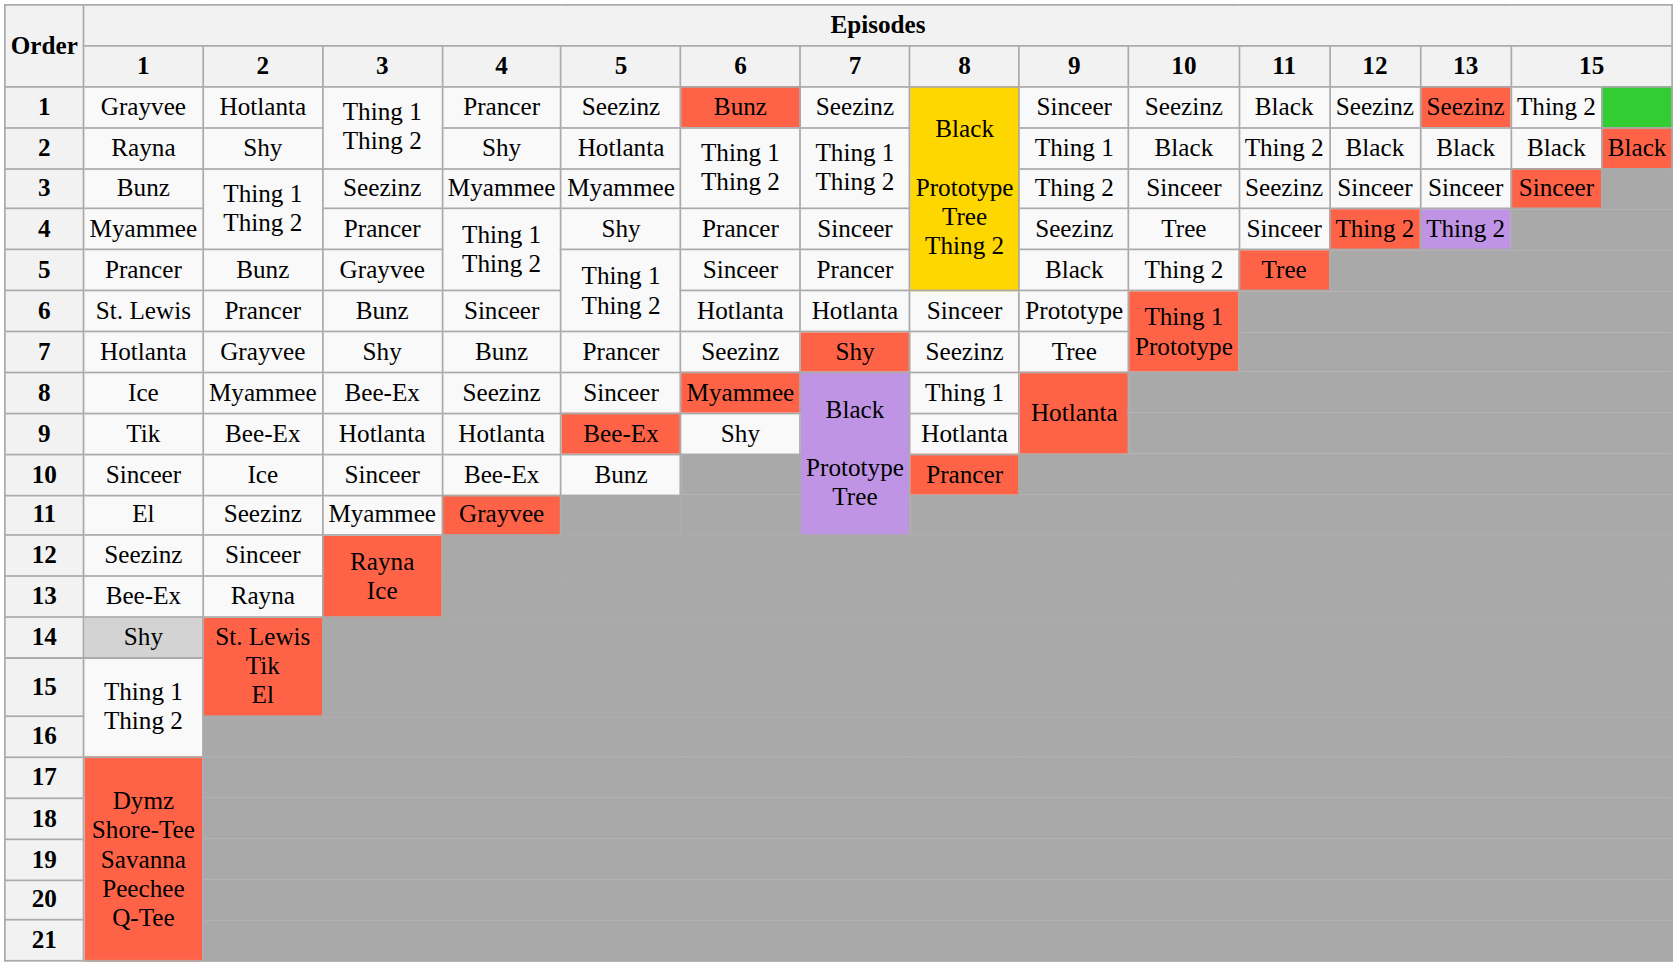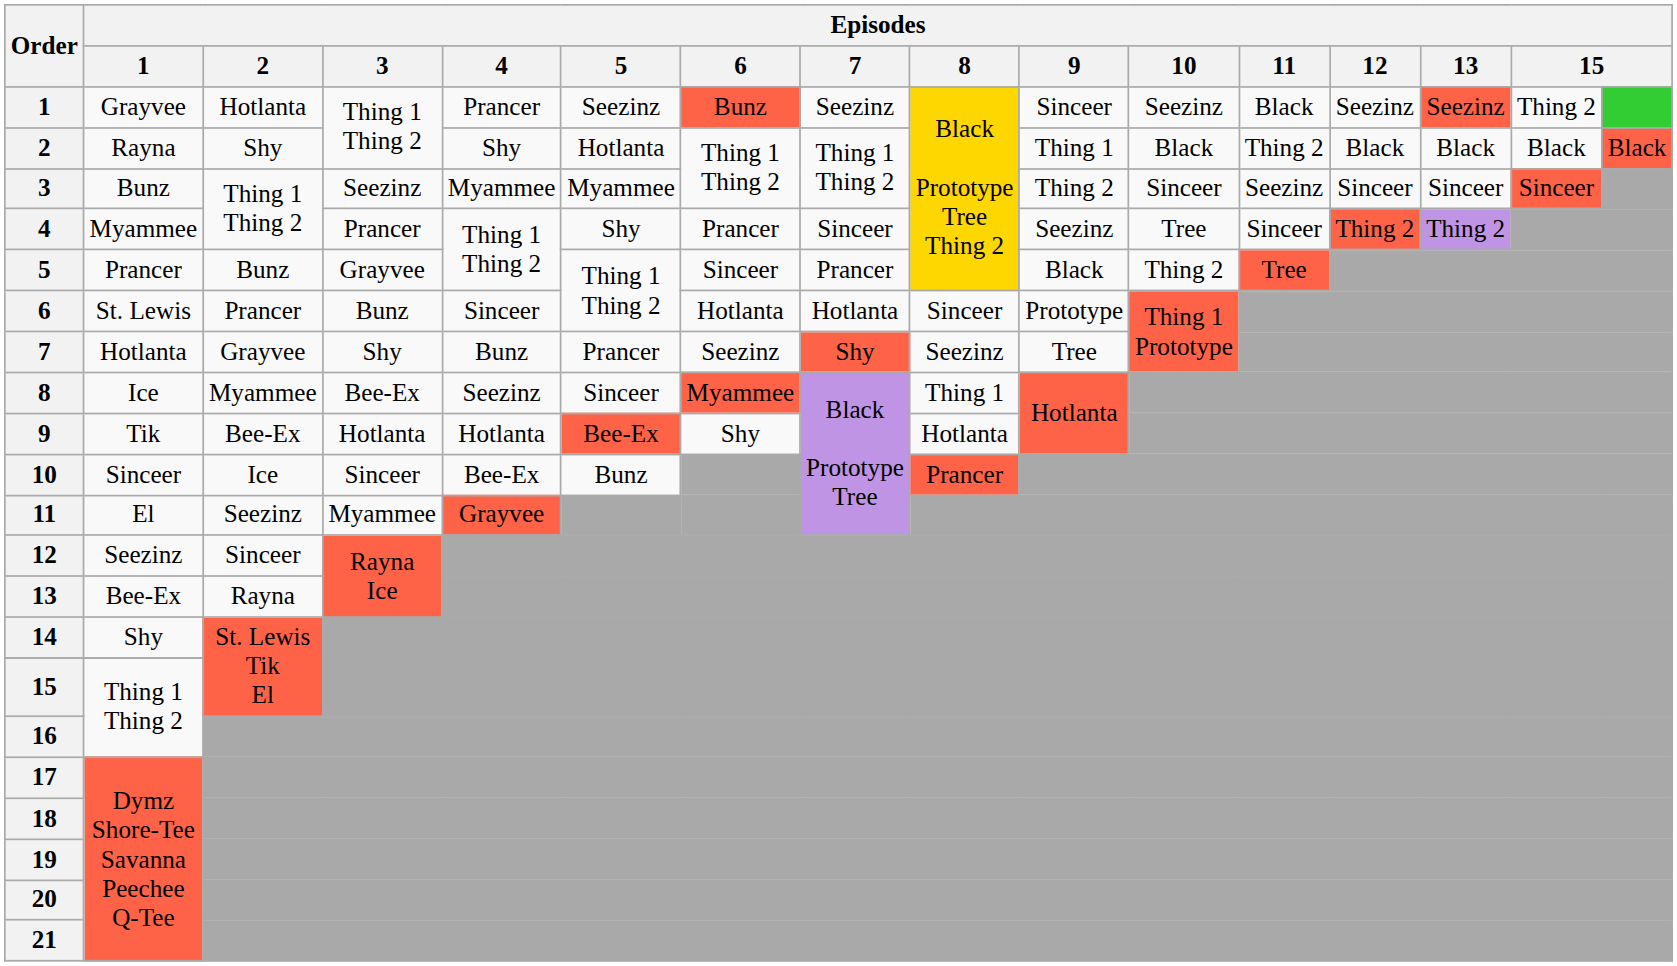 <table class="wikitable" style="text-align:center; font-size:92%">
 <tr>
 <th rowspan=2>Order</th>
 <th colspan="17">Episodes</th>
 </tr>
 <tr>
 <th>1</th>
 <th>2</th>
 <th>3</th>
 <th>4</th>
 <th>5</th>
 <th>6</th>
 <th>7</th>
 <th>8</th>
 <th>9</th>
 <th>10</th>
 <th>11</th>
 <th>12</th>
 <th>13</th>
 <th colspan="2">15</th>
 </tr>
 <tr>
 <th>1</th>
 <td>Grayvee</td>
 <td>Hotlanta</td>
 <td rowspan="2">Thing 1<br>Thing 2</td>
 <td>Prancer</td>
 <td>Seezinz</td>
 <td style="background:tomato;">Bunz</td>
 <td>Seezinz</td>
 <td rowspan="5" style="background:gold">Black<br><br>Prototype<br>Tree<br>Thing 2</td>
 <td>Sinceer</td>
 <td>Seezinz</td>
 <td>Black</td>
 <td>Seezinz</td>
 <td style="background:tomato;">Seezinz</td>
 <td>Thing 2</td>
 <td style="background:limegreen"></td>
 </tr>
 <tr>
 <th>2</th>
 <td>Rayna</td>
 <td>Shy</td>
 <td>Shy</td>
 <td>Hotlanta</td>
 <td rowspan="2">Thing 1<br>Thing 2</td>
 <td rowspan="2">Thing 1<br>Thing 2</td>
 <td>Thing 1</td>
 <td>Black</td>
 <td>Thing 2</td>
 <td>Black</td>
 <td>Black</td>
 <td>Black</td>
 <td style="background:tomato;">Black</td>
 </tr>
 <tr>
 <th>3</th>
 <td>Bunz</td>
 <td rowspan="2">Thing 1<br>Thing 2</td>
 <td>Seezinz</td>
 <td>Myammee</td>
 <td>Myammee</td>
 <td>Thing 2</td>
 <td>Sinceer</td>
 <td>Seezinz</td>
 <td>Sinceer</td>
 <td>Sinceer</td>
 <td style="background:tomato;">Sinceer</td>
 <td style="background:darkgray;" colspan="20"></td>
 </tr>
 <tr>
 <th>4</th>
 <td>Myammee</td>
 <td>Prancer</td>
 <td rowspan="2">Thing 1<br>Thing 2</td>
 <td>Shy</td>
 <td>Prancer</td>
 <td>Sinceer</td>
 <td>Seezinz</td>
 <td>Tree</td>
 <td>Sinceer</td>
 <td style="background:tomato;">Thing 2</td>
 <td style="background:#BF94E4;">Thing 2</td>
 <td style="background:darkgray;" colspan="20"></td>
 </tr>
 <tr>
 <th>5</th>
 <td>Prancer</td>
 <td>Bunz</td>
 <td>Grayvee</td>
 <td rowspan="2">Thing 1<br>Thing 2</td>
 <td>Sinceer</td>
 <td>Prancer</td>
 <td>Black</td>
 <td>Thing 2</td>
 <td style="background:tomato;">Tree</td>
 <td style="background:darkgray;" colspan="20"></td>
 </tr>
 <tr>
 <th>6</th>
 <td>St. Lewis</td>
 <td>Prancer</td>
 <td>Bunz</td>
 <td>Sinceer</td>
 <td>Hotlanta</td>
 <td>Hotlanta</td>
 <td>Sinceer</td>
 <td>Prototype</td>
 <td rowspan="2"style="background:tomato;">Thing 1<br>Prototype</td>
 <td style="background:darkgray;" colspan="20"></td>
 </tr>
 <tr>
 <th>7</th>
 <td>Hotlanta</td>
 <td>Grayvee</td>
 <td>Shy</td>
 <td>Bunz</td>
 <td>Prancer</td>
 <td>Seezinz</td>
 <td style="background:tomato;">Shy</td>
 <td>Seezinz</td>
 <td>Tree</td>
 <td style="background:darkgray;" colspan="20"></td>
 </tr>
 <tr>
 <th>8</th>
 <td>Ice</td>
 <td>Myammee</td>
 <td>Bee-Ex</td>
 <td>Seezinz</td>
 <td>Sinceer</td>
 <td style="background:tomato;">Myammee</td>
 <td rowspan="4"style="background:#BF94E4;">Black<br><br>Prototype<br>Tree</td>
 <td>Thing 1</td>
 <td rowspan="2"style="background:tomato;">Hotlanta<br></td>
 <td style="background:darkgray;" colspan="20"></td>
 </tr>
 <tr>
 <th>9</th>
 <td>Tik</td>
 <td>Bee-Ex</td>
 <td>Hotlanta</td>
 <td>Hotlanta</td>
 <td style="background:tomato;">Bee-Ex</td>
 <td>Shy</td>
 <td>Hotlanta</td>
 <td style="background:darkgray;" colspan="20"></td>
 </tr>
 <tr>
 <th>10</th>
 <td>Sinceer</td>
 <td>Ice</td>
 <td>Sinceer</td>
 <td>Bee-Ex</td>
 <td>Bunz</td>
 <td style="background:darkgray;"></td>
 <td style="background:tomato;">Prancer</td>
 <td style="background:darkgray;" colspan="20"></td>
 </tr>
 <tr>
 <th>11</th>
 <td>El</td>
 <td>Seezinz</td>
 <td>Myammee</td>
 <td style="background:tomato;">Grayvee</td>
 <td style="background:darkgray;"></td>
 <td style="background:darkgray;"></td>
 <td style="background:darkgray;" colspan="20"></td>
 </tr>
 <tr>
 <th>12</th>
 <td>Seezinz</td>
 <td>Sinceer</td>
 <td rowspan="2"style="background:tomato;">Rayna<br>Ice</td>
 <td style="background:darkgray;" colspan="20"></td>
 </tr>
 <tr>
 <th>13</th>
 <td>Bee-Ex</td>
 <td>Rayna</td>
 <td style="background:darkgray;" colspan="20"></td>
 </tr>
 <tr>
 <th>14</th>
-<td style="background: lightgrey;">Shy</td>
+<td>Shy</td>
 <td rowspan="3"style="background:tomato;">St. Lewis<br>Tik<br>El</td>
 <td style="background:darkgray;" colspan="20"></td>
 </tr>
 <tr>
 </tr>
 <tr>
 <th>15</th>
 <td rowspan="2">Thing 1<br>Thing 2</td>
 <td style="background:darkgray;" colspan="20"></td>
 </tr>
 <tr>
 <th>16</th>
 <td style="background:darkgray;" colspan="20"></td>
 </tr>
 <tr>
 <th>17</th>
 <td rowspan="5"style="background:tomato;">Dymz<br>Shore-Tee<br>Savanna<br>Peechee<br>Q-Tee</td>
 <td style="background:darkgray;" colspan="20"></td>
 </tr>
 <tr>
 <th>18</th>
 <td style="background:darkgray;" colspan="20"></td>
 </tr>
 <tr>
 <th>19</th>
 <td style="background:darkgray;" colspan="20"></td>
 </tr>
 <tr>
 <th>20</th>
 <td style="background:darkgray;" colspan="20"></td>
 </tr>
 <tr>
 <th>21</th>
 <td style="background:darkgray;" colspan="20"></td>
 </tr>
 </table>
